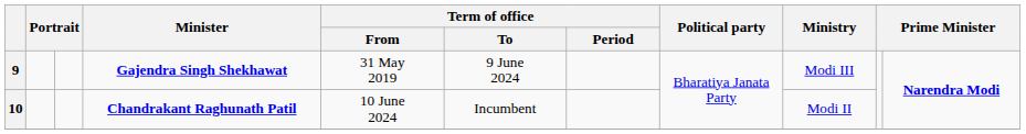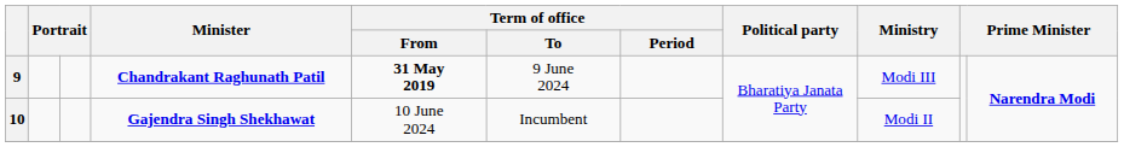 <table class="wikitable" style="text-align:center">
 <tr>
 <th rowspan="2"></th>
 <th rowspan="2" colspan="2">Portrait</th>
 <th rowspan="2" style="width:16em">Minister<br></th>
 <th colspan="3">Term of office</th>
 <th rowspan="2" style="width:8em">Political party</th>
 <th rowspan="2" style="width:6em">Ministry</th>
 <th rowspan="2" colspan="2">Prime Minister</th>
 </tr>
 <tr>
 <th style="width:8em">From</th>
 <th style="width:8em">To</th>
 <th style="width:6em">Period</th>
 </tr>
 <tr>
 <th>9</th>
 <td></td>
 <td></td>
-<td><strong><a href='#'>Gajendra Singh Shekhawat</a></strong><br></td>
-<td>31 May<br>2019</td>
+<td><strong><a href='#'>Chandrakant Raghunath Patil</a></strong><br></td>
+<td><strong>31 May<br>2019</strong></td>
 <td>9 June<br>2024</td>
 <td><strong></strong></td>
 <td rowspan="2"><a href='#'>Bharatiya Janata Party</a></td>
 <td><a href='#'>Modi III</a></td>
 <td rowspan="2"></td>
 <td rowspan="2" style="width:9em"><strong><a href='#'>Narendra Modi</a></strong></td>
 </tr>
 <tr>
 <th>10</th>
 <td></td>
 <td></td>
-<td><strong><a href='#'>Chandrakant Raghunath Patil</a></strong><br></td>
+<td><strong><a href='#'>Gajendra Singh Shekhawat</a></strong><br></td>
 <td>10 June<br>2024</td>
 <td>Incumbent</td>
 <td><strong></strong></td>
 <td><a href='#'>Modi II</a></td>
 </tr>
 <tr>
 </tr>
 </table>
